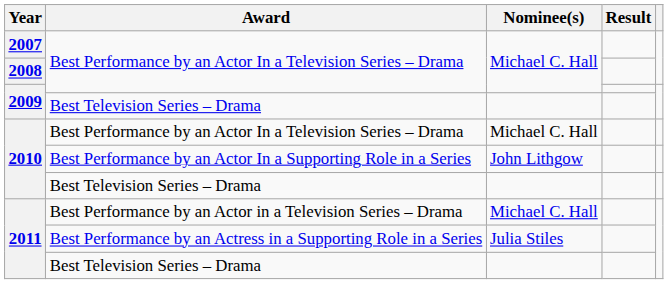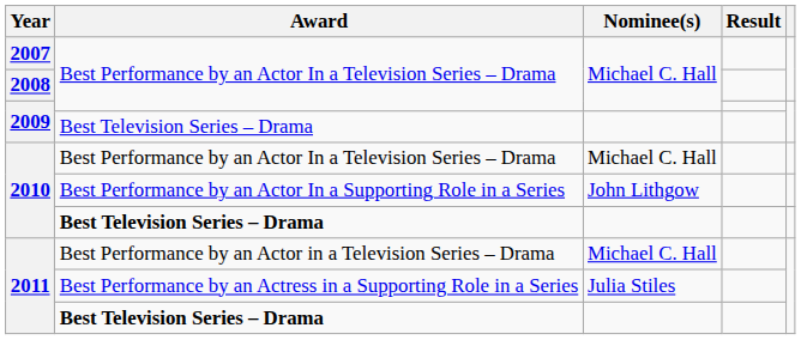 <table class="wikitable sortable plainrowheaders">
 <tr>
 <th scope=col>Year</th>
 <th scope=col>Award</th>
 <th scope=col>Nominee(s)</th>
 <th scope=col>Result</th>
 <th scope="col" class="unsortable"></th>
 </tr>
 <tr>
 <th scope=row><a href='#'>2007</a></th>
 <td rowspan="3"><a href='#'>Best Performance by an Actor In a Television Series – Drama</a></td>
 <td rowspan="3" data-sort-value="Hall, Michael C."><a href='#'>Michael C. Hall</a></td>
 <td></td>
 <td rowspan="2"></td>
 </tr>
 <tr>
 <th scope=row><a href='#'>2008</a></th>
 <td></td>
 </tr>
 <tr>
 <th scope=rowgroup rowspan="2"><a href='#'>2009</a></th>
 <td></td>
 <td rowspan="2"></td>
 </tr>
 <tr>
 <td><a href='#'>Best Television Series – Drama</a></td>
 <td></td>
 <td></td>
 </tr>
 <tr>
 <th scope=row rowspan="3"><a href='#'>2010</a></th>
 <td>Best Performance by an Actor In a Television Series – Drama</td>
 <td data-sort-value="Hall, Michael C.">Michael C. Hall</td>
 <td></td>
 <td></td>
 </tr>
 <tr>
 <td><a href='#'>Best Performance by an Actor In a Supporting Role in a Series</a></td>
 <td data-sort-value="Lithgow, John"><a href='#'>John Lithgow</a></td>
 <td></td>
 <td></td>
 </tr>
 <tr>
-<td>Best Television Series – Drama</td>
+<td><strong>Best Television Series – Drama</strong></td>
 <td></td>
 <td></td>
 <td></td>
 </tr>
 <tr>
 <th scope=row rowspan="3"><a href='#'>2011</a></th>
 <td>Best Performance by an Actor in a Television Series – Drama</td>
 <td data-sort-value="Hall, Michael C."><a href='#'>Michael C. Hall</a></td>
 <td></td>
 <td rowspan="3"></td>
 </tr>
 <tr>
 <td><a href='#'>Best Performance by an Actress in a Supporting Role in a Series</a></td>
 <td data-sort-value="Stiles, Julia"><a href='#'>Julia Stiles</a></td>
 <td></td>
 </tr>
 <tr>
-<td>Best Television Series – Drama</td>
+<td><strong>Best Television Series – Drama</strong></td>
 <td></td>
 <td></td>
 </tr>
 </table>
